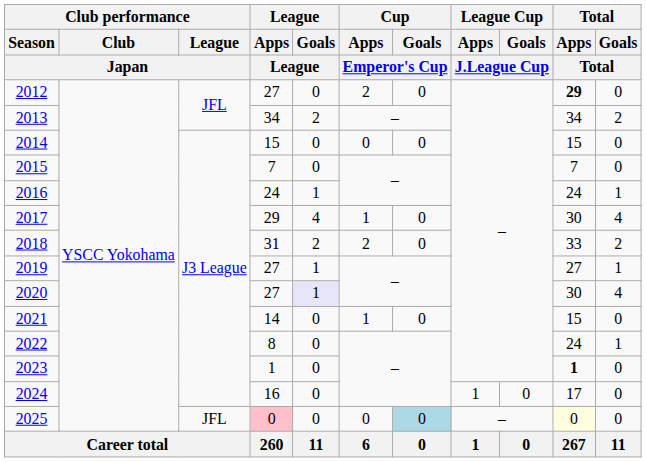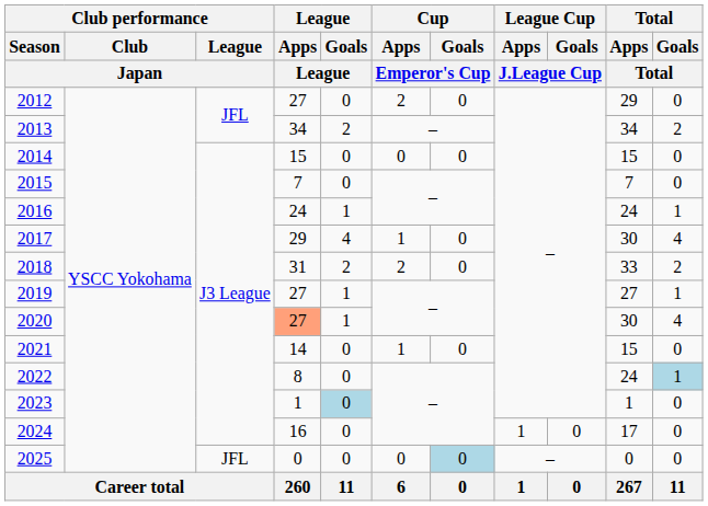 <table class="wikitable" style="text-align:center">
 <tr>
 <th colspan=3>Club performance</th>
 <th colspan=2>League</th>
 <th colspan=2>Cup</th>
 <th colspan=2>League Cup</th>
 <th colspan=2>Total</th>
 </tr>
 <tr>
 <th>Season</th>
 <th>Club</th>
 <th>League</th>
 <th>Apps</th>
 <th>Goals</th>
 <th>Apps</th>
 <th>Goals</th>
 <th>Apps</th>
 <th>Goals</th>
 <th>Apps</th>
 <th>Goals</th>
 </tr>
 <tr>
 <th colspan=3>Japan</th>
 <th colspan=2>League</th>
 <th colspan=2><a href='#'>Emperor's Cup</a></th>
 <th colspan=2><a href='#'>J.League Cup</a></th>
 <th colspan=2>Total</th>
 </tr>
 <tr>
 <td><a href='#'>2012</a></td>
 <td rowspan="14"><a href='#'>YSCC Yokohama</a></td>
 <td rowspan="2"><a href='#'>JFL</a></td>
 <td>27</td>
 <td>0</td>
 <td>2</td>
 <td>0</td>
 <td rowspan="12" colspan="2">–</td>
-<td><strong>29</strong></td>
+<td>29</td>
 <td>0</td>
 </tr>
 <tr>
 <td><a href='#'>2013</a></td>
 <td>34</td>
 <td>2</td>
 <td colspan="2">–</td>
 <td>34</td>
 <td>2</td>
 </tr>
 <tr>
 <td><a href='#'>2014</a></td>
 <td rowspan="11"><a href='#'>J3 League</a></td>
 <td>15</td>
 <td>0</td>
 <td>0</td>
 <td>0</td>
 <td>15</td>
 <td>0</td>
 </tr>
 <tr>
 <td><a href='#'>2015</a></td>
 <td>7</td>
 <td>0</td>
 <td rowspan="2" colspan="2">–</td>
 <td>7</td>
 <td>0</td>
 </tr>
 <tr>
 <td><a href='#'>2016</a></td>
 <td>24</td>
 <td>1</td>
 <td>24</td>
 <td>1</td>
 </tr>
 <tr>
 <td><a href='#'>2017</a></td>
 <td>29</td>
 <td>4</td>
 <td>1</td>
 <td>0</td>
 <td>30</td>
 <td>4</td>
 </tr>
 <tr>
 <td><a href='#'>2018</a></td>
 <td>31</td>
 <td>2</td>
 <td>2</td>
 <td>0</td>
 <td>33</td>
 <td>2</td>
 </tr>
 <tr>
 <td><a href='#'>2019</a></td>
 <td>27</td>
 <td>1</td>
 <td rowspan="2" colspan="2">–</td>
 <td>27</td>
 <td>1</td>
 </tr>
 <tr>
 <td><a href='#'>2020</a></td>
-<td>27</td>
-<td style="background: lavender;">1</td>
+<td style="background: lightsalmon;">27</td>
+<td>1</td>
 <td>30</td>
 <td>4</td>
 </tr>
 <tr>
 <td><a href='#'>2021</a></td>
 <td>14</td>
 <td>0</td>
 <td>1</td>
 <td>0</td>
 <td>15</td>
 <td>0</td>
 </tr>
 <tr>
 <td><a href='#'>2022</a></td>
 <td>8</td>
 <td>0</td>
 <td rowspan="3" colspan="2">–</td>
 <td>24</td>
-<td>1</td>
+<td style="background: lightblue;">1</td>
 </tr>
 <tr>
 <td><a href='#'>2023</a></td>
 <td>1</td>
-<td>0</td>
-<td><strong>1</strong></td>
+<td style="background: lightblue;">0</td>
+<td>1</td>
 <td>0</td>
 </tr>
 <tr>
 <td><a href='#'>2024</a></td>
 <td>16</td>
 <td>0</td>
 <td>1</td>
 <td>0</td>
 <td>17</td>
 <td>0</td>
 </tr>
 <tr>
 <td><a href='#'>2025</a></td>
 <td>JFL</td>
-<td style="background: pink;">0</td>
+<td>0</td>
 <td>0</td>
 <td>0</td>
 <td style="background: lightblue;">0</td>
 <td colspan="2">–</td>
-<td style="background: lightyellow;">0</td>
+<td>0</td>
 <td>0</td>
 </tr>
 <tr>
 <th colspan=3>Career total</th>
 <th>260</th>
 <th>11</th>
 <th>6</th>
 <th>0</th>
 <th>1</th>
 <th>0</th>
 <th>267</th>
 <th>11</th>
 </tr>
 </table>
